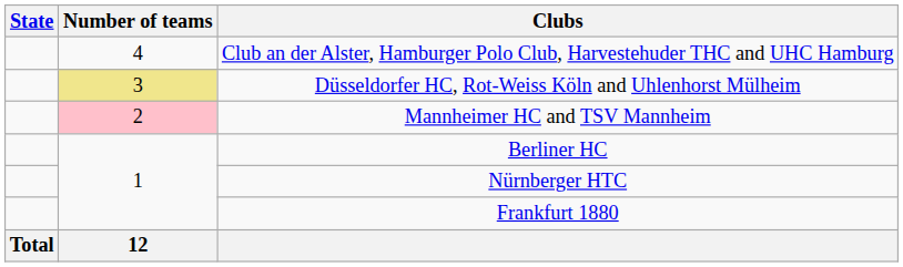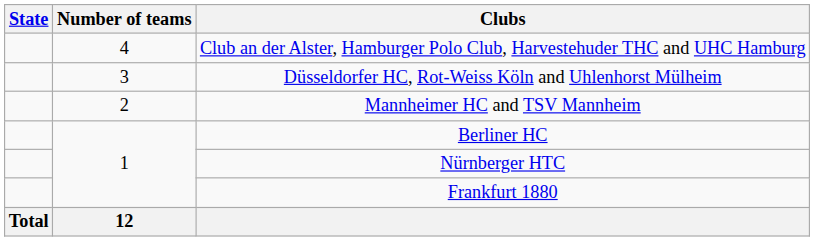 <table class="wikitable">
 <tr>
 <th><a href='#'>State</a></th>
 <th>Number of teams</th>
 <th>Clubs</th>
 </tr>
 <tr>
 <td></td>
 <td align=center>4</td>
 <td align=center><a href='#'>Club an der Alster</a>, <a href='#'>Hamburger Polo Club</a>, <a href='#'>Harvestehuder THC</a> and <a href='#'>UHC Hamburg</a></td>
 </tr>
 <tr>
 <td></td>
-<td align=center style="background: khaki;">3</td>
+<td align=center>3</td>
 <td align=center><a href='#'>Düsseldorfer HC</a>, <a href='#'>Rot-Weiss Köln</a> and <a href='#'>Uhlenhorst Mülheim</a></td>
 </tr>
 <tr>
 <td></td>
-<td align=center style="background: pink;">2</td>
+<td align=center>2</td>
 <td align=center><a href='#'>Mannheimer HC</a> and <a href='#'>TSV Mannheim</a></td>
 </tr>
 <tr>
 <td></td>
 <td align=center rowspan=3>1</td>
 <td align=center><a href='#'>Berliner HC</a></td>
 </tr>
 <tr>
 <td></td>
 <td align=center><a href='#'>Nürnberger HTC</a></td>
 </tr>
 <tr>
 <td></td>
 <td align=center><a href='#'>Frankfurt 1880</a></td>
 </tr>
 <tr>
 <th>Total</th>
 <th>12</th>
 <th></th>
 </tr>
 </table>
